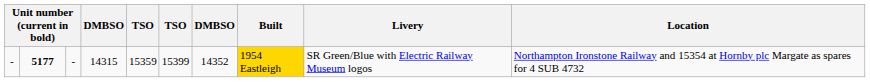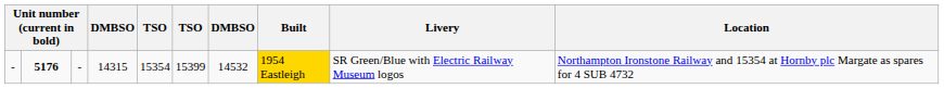 <table class="wikitable">
 <tr>
 <th colspan=3>Unit number <br>(current in bold)</th>
 <th>DMBSO</th>
 <th>TSO</th>
 <th>TSO</th>
 <th>DMBSO</th>
 <th>Built</th>
 <th>Livery</th>
 <th>Location</th>
 </tr>
 <tr>
 <td align=center>-</td>
-<td align=center><strong>5177</strong></td>
+<td align=center><strong>5176</strong></td>
 <td align=center>-</td>
 <td align=center>14315</td>
-<td align=center>15359</td>
+<td align=center>15354</td>
 <td align=center>15399</td>
-<td align=center>14352</td>
+<td align=center>14532</td>
 <td style="background: gold;">1954 Eastleigh</td>
 <td>SR Green/Blue with <a href='#'>Electric Railway Museum</a> logos</td>
 <td><a href='#'>Northampton Ironstone Railway</a> and 15354 at <a href='#'>Hornby plc</a> Margate as spares for 4 SUB 4732</td>
 </tr>
 </table>
